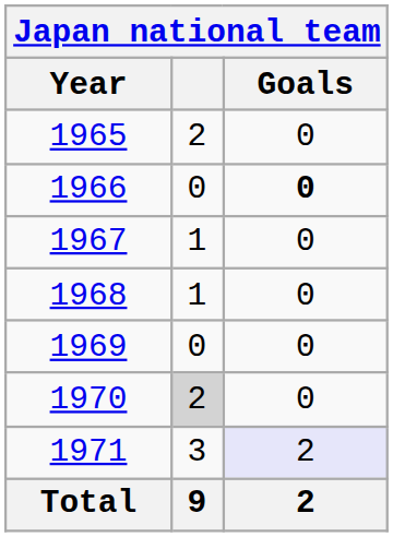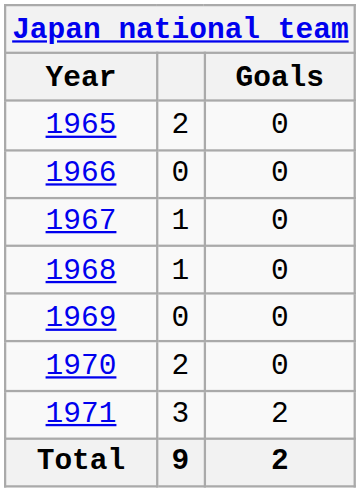 <table class="wikitable" style="text-align:center">
 <tr>
 <th colspan=3><a href='#'>Japan national team</a></th>
 </tr>
 <tr>
 <th>Year</th>
 <th></th>
 <th>Goals</th>
 </tr>
 <tr>
 <td><a href='#'>1965</a></td>
 <td>2</td>
 <td>0</td>
 </tr>
 <tr>
 <td><a href='#'>1966</a></td>
 <td>0</td>
-<td><strong>0</strong></td>
+<td>0</td>
 </tr>
 <tr>
 <td><a href='#'>1967</a></td>
 <td>1</td>
 <td>0</td>
 </tr>
 <tr>
 <td><a href='#'>1968</a></td>
 <td>1</td>
 <td>0</td>
 </tr>
 <tr>
 <td><a href='#'>1969</a></td>
 <td>0</td>
 <td>0</td>
 </tr>
 <tr>
 <td><a href='#'>1970</a></td>
-<td style="background: lightgrey;">2</td>
+<td>2</td>
 <td>0</td>
 </tr>
 <tr>
 <td><a href='#'>1971</a></td>
 <td>3</td>
-<td style="background: lavender;">2</td>
+<td>2</td>
 </tr>
 <tr>
 <th>Total</th>
 <th>9</th>
 <th>2</th>
 </tr>
 </table>
